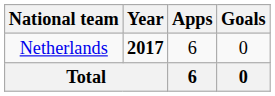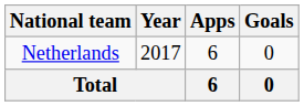 <table class=wikitable style=text-align:center>
 <tr>
 <th>National team</th>
 <th>Year</th>
 <th>Apps</th>
 <th>Goals</th>
 </tr>
 <tr>
 <td><a href='#'>Netherlands</a></td>
-<td><strong>2017</strong></td>
+<td>2017</td>
 <td>6</td>
 <td>0</td>
 </tr>
 <tr>
 <th colspan=2>Total</th>
 <th>6</th>
 <th>0</th>
 </tr>
 </table>
